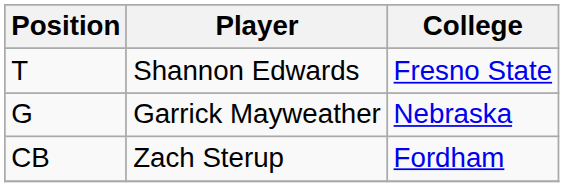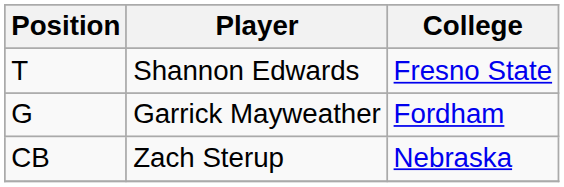 <table class="wikitable sortable">
 <tr>
 <th>Position</th>
 <th>Player</th>
 <th>College</th>
 </tr>
 <tr>
 <td>T</td>
 <td>Shannon Edwards</td>
 <td><a href='#'>Fresno State</a></td>
 </tr>
 <tr>
 <td>G</td>
 <td>Garrick Mayweather</td>
-<td><a href='#'>Nebraska</a></td>
+<td><a href='#'>Fordham</a></td>
 </tr>
 <tr>
 <td>CB</td>
 <td>Zach Sterup</td>
-<td><a href='#'>Fordham</a></td>
+<td><a href='#'>Nebraska</a></td>
 </tr>
 <tr>
 </tr>
 </table>
